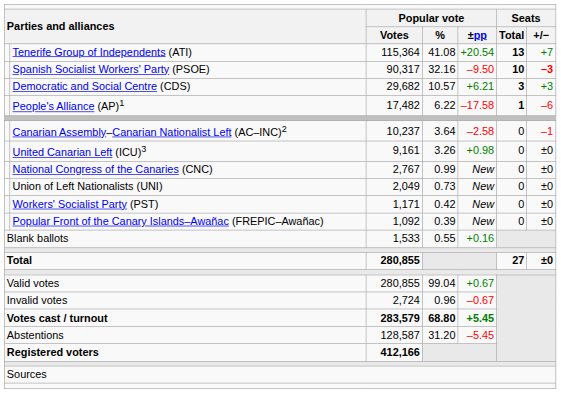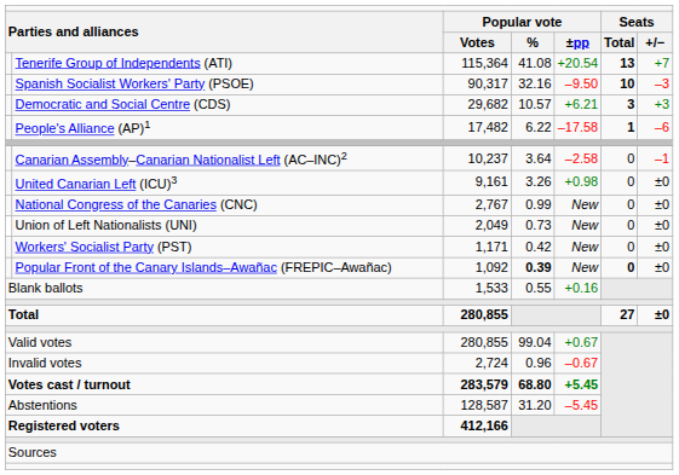 <table class="wikitable" style="text-align:right;">
 <tr>
 <td colspan="7"></td>
 </tr>
 <tr>
 <th style="text-align:left;" rowspan="2" colspan="2" width="525">Parties and alliances</th>
 <th colspan="3">Popular vote</th>
 <th colspan="2">Seats</th>
 </tr>
 <tr>
 <th width="75">Votes</th>
 <th width="45">%</th>
 <th width="45">±<a href='#'>pp</a></th>
 <th width="35">Total</th>
 <th width="35">+/−</th>
 </tr>
 <tr>
 <td width="1" style="color:inherit;background:"></td>
 <td align="left"><a href='#'>Tenerife Group of Independents</a> (ATI)</td>
 <td>115,364</td>
 <td>41.08</td>
 <td style="color:green;">+20.54</td>
 <td><strong>13</strong></td>
 <td style="color:green;">+7</td>
 </tr>
 <tr>
 <td style="color:inherit;background:"></td>
 <td align="left"><a href='#'>Spanish Socialist Workers' Party</a> (PSOE)</td>
 <td>90,317</td>
 <td>32.16</td>
 <td style="color:red;">–9.50</td>
 <td><strong>10</strong></td>
-<td style="color:red;"><strong>–3</strong></td>
+<td style="color:red;">–3</td>
 </tr>
 <tr>
 <td style="color:inherit;background:"></td>
 <td align="left"><a href='#'>Democratic and Social Centre</a> (CDS)</td>
 <td>29,682</td>
 <td>10.57</td>
 <td style="color:green;">+6.21</td>
 <td><strong>3</strong></td>
 <td style="color:green;">+3</td>
 </tr>
 <tr>
 <td style="color:inherit;background:"></td>
 <td align="left"><a href='#'>People's Alliance</a> (AP)<sup>1</sup></td>
 <td>17,482</td>
 <td>6.22</td>
 <td style="color:red;">–17.58</td>
 <td><strong>1</strong></td>
 <td style="color:red;">–6</td>
 </tr>
 <tr>
 <td colspan="7" bgcolor="#C0C0C0"></td>
 </tr>
 <tr>
 <td style="color:inherit;background:"></td>
 <td align="left"><a href='#'>Canarian Assembly</a>–<a href='#'>Canarian Nationalist Left</a> (AC–INC)<sup>2</sup></td>
 <td>10,237</td>
 <td>3.64</td>
 <td style="color:red;">–2.58</td>
 <td>0</td>
 <td style="color:red;">–1</td>
 </tr>
 <tr>
 <td style="color:inherit;background:"></td>
 <td align="left"><a href='#'>United Canarian Left</a> (ICU)<sup>3</sup></td>
 <td>9,161</td>
 <td>3.26</td>
 <td style="color:green;">+0.98</td>
 <td>0</td>
 <td>±0</td>
 </tr>
 <tr>
 <td style="color:inherit;background:"></td>
 <td align="left"><a href='#'>National Congress of the Canaries</a> (CNC)</td>
 <td>2,767</td>
 <td>0.99</td>
 <td><em>New</em></td>
 <td>0</td>
 <td>±0</td>
 </tr>
 <tr>
 <td bgcolor="white"></td>
 <td align="left">Union of Left Nationalists (UNI)</td>
 <td>2,049</td>
 <td>0.73</td>
 <td><em>New</em></td>
 <td>0</td>
 <td>±0</td>
 </tr>
 <tr>
 <td style="color:inherit;background:"></td>
 <td align="left"><a href='#'>Workers' Socialist Party</a> (PST)</td>
 <td>1,171</td>
 <td>0.42</td>
 <td><em>New</em></td>
 <td>0</td>
 <td>±0</td>
 </tr>
 <tr>
 <td style="color:inherit;background:"></td>
 <td align="left"><a href='#'>Popular Front of the Canary Islands–Awañac</a> (FREPIC–Awañac)</td>
 <td>1,092</td>
-<td>0.39</td>
+<td><strong>0.39</strong></td>
 <td><em>New</em></td>
-<td>0</td>
+<td><strong>0</strong></td>
 <td>±0</td>
 </tr>
 <tr>
 <td align="left" colspan="2">Blank ballots</td>
 <td>1,533</td>
 <td>0.55</td>
 <td style="color:green;">+0.16</td>
 <td bgcolor="#E9E9E9" colspan="2"></td>
 </tr>
 <tr>
 <td colspan="7" bgcolor="#E9E9E9"></td>
 </tr>
 <tr style="font-weight:bold;">
 <td align="left" colspan="2">Total</td>
 <td>280,855</td>
 <td bgcolor="#E9E9E9" colspan="2"></td>
 <td>27</td>
 <td>±0</td>
 </tr>
 <tr>
 <td colspan="7" bgcolor="#E9E9E9"></td>
 </tr>
 <tr>
 <td align="left" colspan="2">Valid votes</td>
 <td>280,855</td>
 <td>99.04</td>
 <td style="color:green;">+0.67</td>
 <td bgcolor="#E9E9E9" colspan="2" rowspan="5"></td>
 </tr>
 <tr>
 <td align="left" colspan="2">Invalid votes</td>
 <td>2,724</td>
 <td>0.96</td>
 <td style="color:red;">–0.67</td>
 </tr>
 <tr style="font-weight:bold;">
 <td align="left" colspan="2">Votes cast / turnout</td>
 <td>283,579</td>
 <td>68.80</td>
 <td style="color:green;">+5.45</td>
 </tr>
 <tr>
 <td align="left" colspan="2">Abstentions</td>
 <td>128,587</td>
 <td>31.20</td>
 <td style="color:red;">–5.45</td>
 </tr>
 <tr style="font-weight:bold;">
 <td align="left" colspan="2">Registered voters</td>
 <td>412,166</td>
 <td bgcolor="#E9E9E9" colspan="2"></td>
 </tr>
 <tr>
 <td colspan="7" bgcolor="#E9E9E9"></td>
 </tr>
 <tr>
 <td align="left" colspan="7">Sources</td>
 </tr>
 <tr>
 <td colspan="7" style="text-align:left; max-width:790px;"></td>
 </tr>
 </table>
